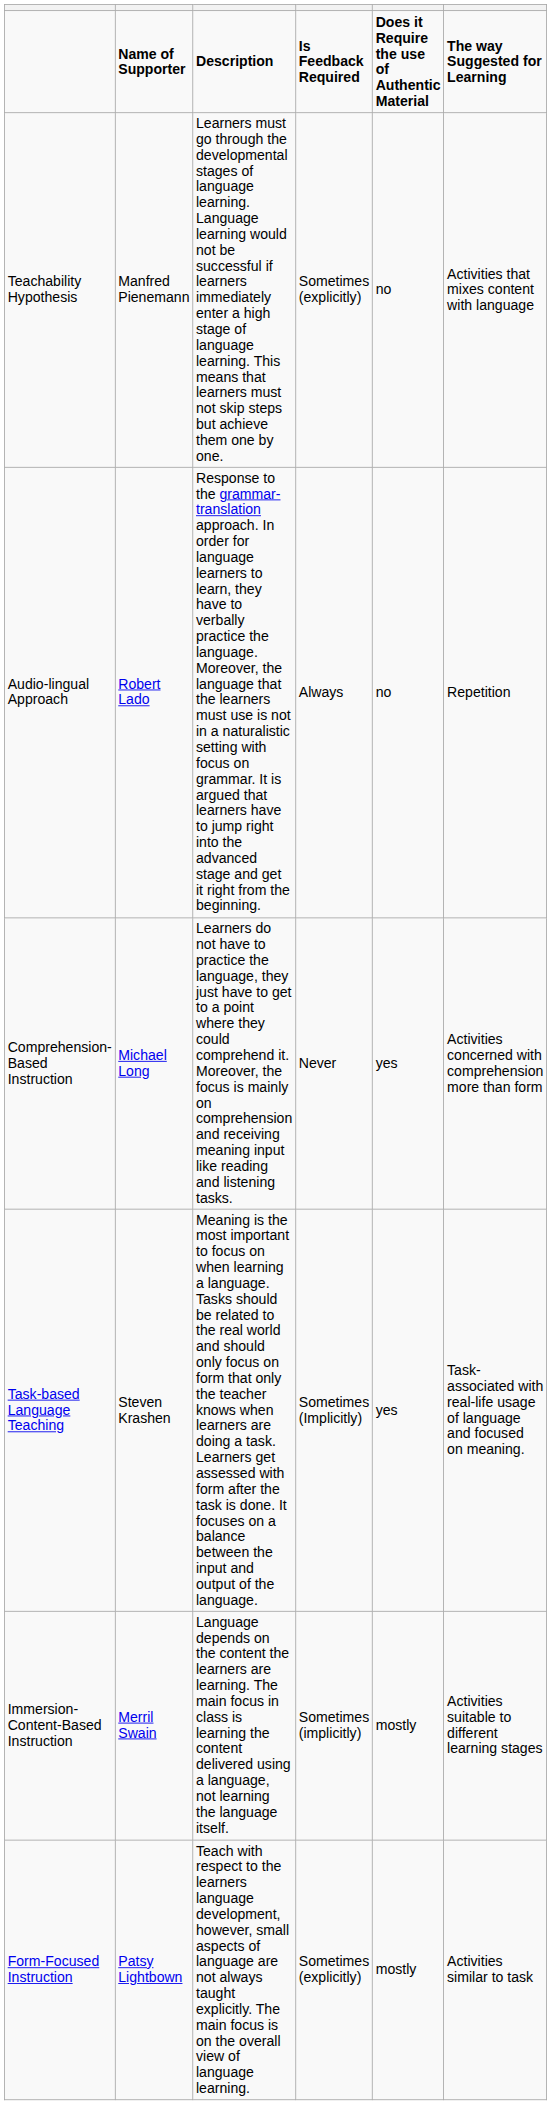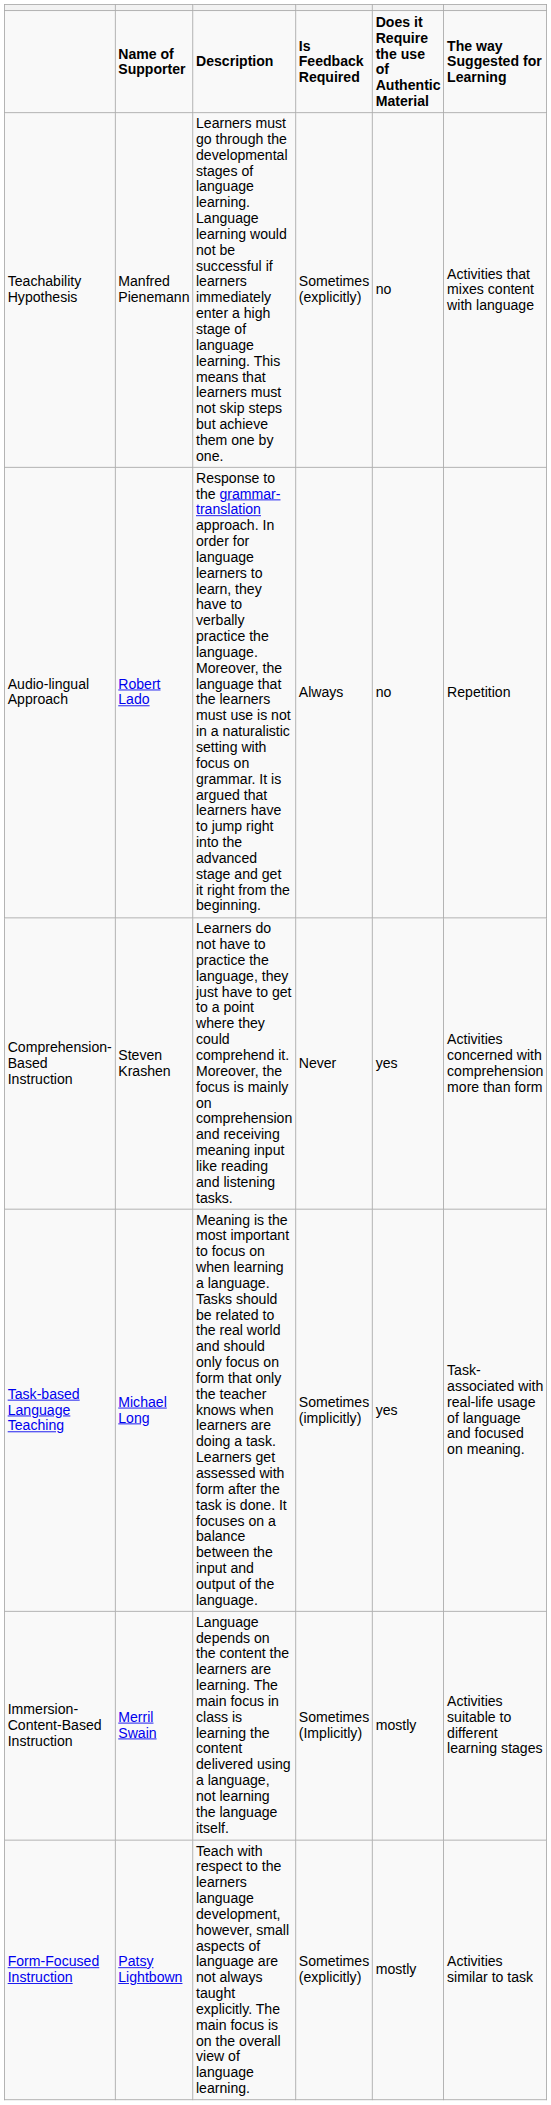 <table class="wikitable sortable mw-collapsible">
 <tr>
 <th></th>
 <th></th>
 <th></th>
 <th></th>
 <th></th>
 <th></th>
 </tr>
 <tr>
 <td></td>
 <td><strong>Name of Supporter</strong></td>
 <td><strong>Description</strong></td>
 <td><strong>Is Feedback Required</strong></td>
 <td><strong>Does it Require the use of Authentic Material</strong></td>
 <td><strong>The way Suggested for Learning</strong></td>
 </tr>
 <tr>
 <td>Teachability Hypothesis</td>
 <td>Manfred Pienemann</td>
 <td>Learners must go through the developmental stages of language learning. Language learning would not be successful if learners immediately enter a high stage of language learning. This means that learners must not skip steps but achieve them one by one.</td>
 <td>Sometimes (explicitly)</td>
 <td>no</td>
 <td>Activities that mixes content with language</td>
 </tr>
 <tr>
 <td>Audio-lingual Approach</td>
 <td><a href='#'>Robert Lado</a></td>
 <td>Response to the <a href='#'>grammar-translation</a> approach. In order for language learners to learn, they have to verbally practice the language. Moreover, the language that the learners must use is not in a naturalistic setting with focus on grammar. It is argued that learners have to jump right into the advanced stage and get it right from the beginning.</td>
 <td>Always</td>
 <td>no</td>
 <td>Repetition</td>
 </tr>
 <tr>
 <td>Comprehension-Based Instruction</td>
-<td><a href='#'>Michael Long</a></td>
+<td>Steven Krashen</td>
 <td>Learners do not have to practice the language, they just have to get to a point where they could comprehend it. Moreover, the focus is mainly on comprehension and receiving meaning input like reading and listening tasks.</td>
 <td>Never</td>
 <td>yes</td>
 <td>Activities concerned with comprehension more than form</td>
 </tr>
 <tr>
 <td><a href='#'>Task-based Language Teaching</a></td>
-<td>Steven Krashen</td>
+<td><a href='#'>Michael Long</a></td>
 <td>Meaning is the most important to focus on when learning a language. Tasks should be related to the real world and should only focus on form that only the teacher knows when learners are doing a task. Learners get assessed with form after the task is done. It focuses on a balance between the input and output of the language.</td>
-<td>Sometimes (Implicitly)</td>
+<td>Sometimes (implicitly)</td>
 <td>yes</td>
 <td>Task-associated with real-life usage of language and focused on meaning.</td>
 </tr>
 <tr>
 <td>Immersion-Content-Based Instruction</td>
 <td><a href='#'>Merril Swain</a></td>
 <td>Language depends on the content the learners are learning. The main focus in class is learning the content delivered using a language, not learning the language itself.</td>
-<td>Sometimes (implicitly)</td>
+<td>Sometimes (Implicitly)</td>
 <td>mostly</td>
 <td>Activities suitable to different learning stages</td>
 </tr>
 <tr>
 <td><a href='#'>Form-Focused Instruction</a></td>
 <td><a href='#'>Patsy Lightbown</a></td>
 <td>Teach with respect to the learners language development, however, small aspects of language are not always taught explicitly. The main focus is on the overall view of language learning.</td>
 <td>Sometimes (explicitly)</td>
 <td>mostly</td>
 <td>Activities similar to task</td>
 </tr>
 </table>
